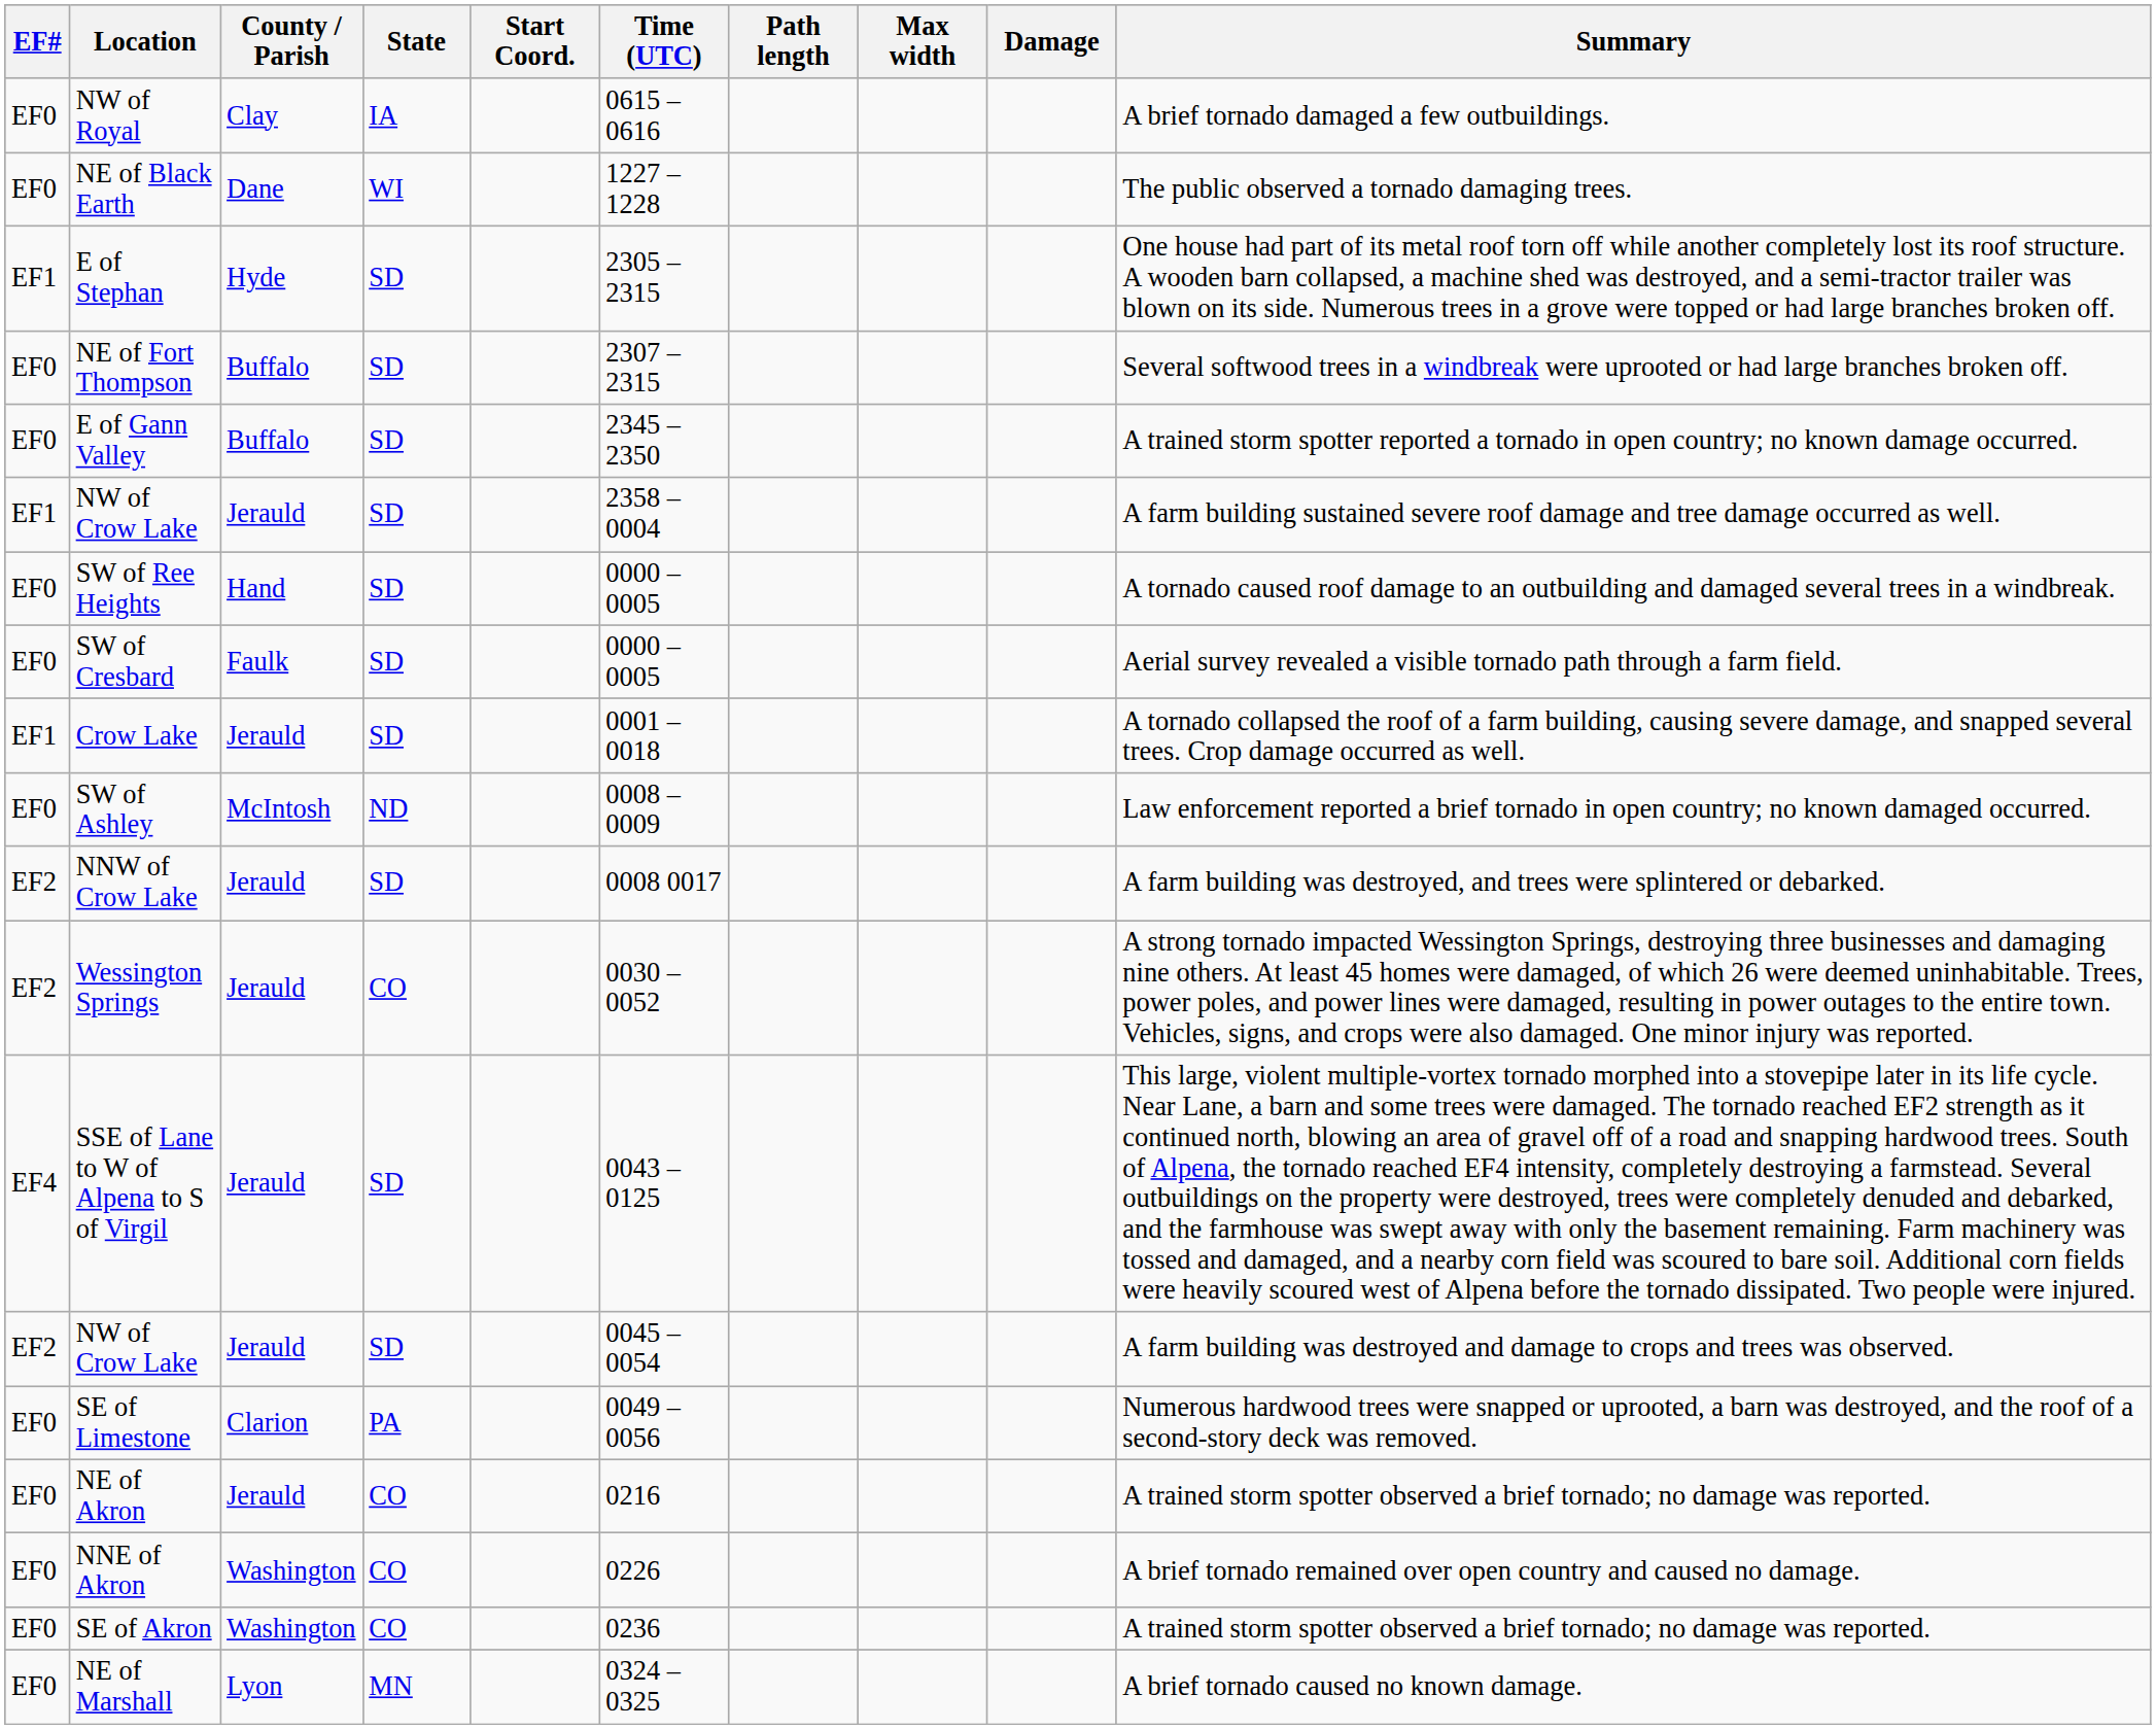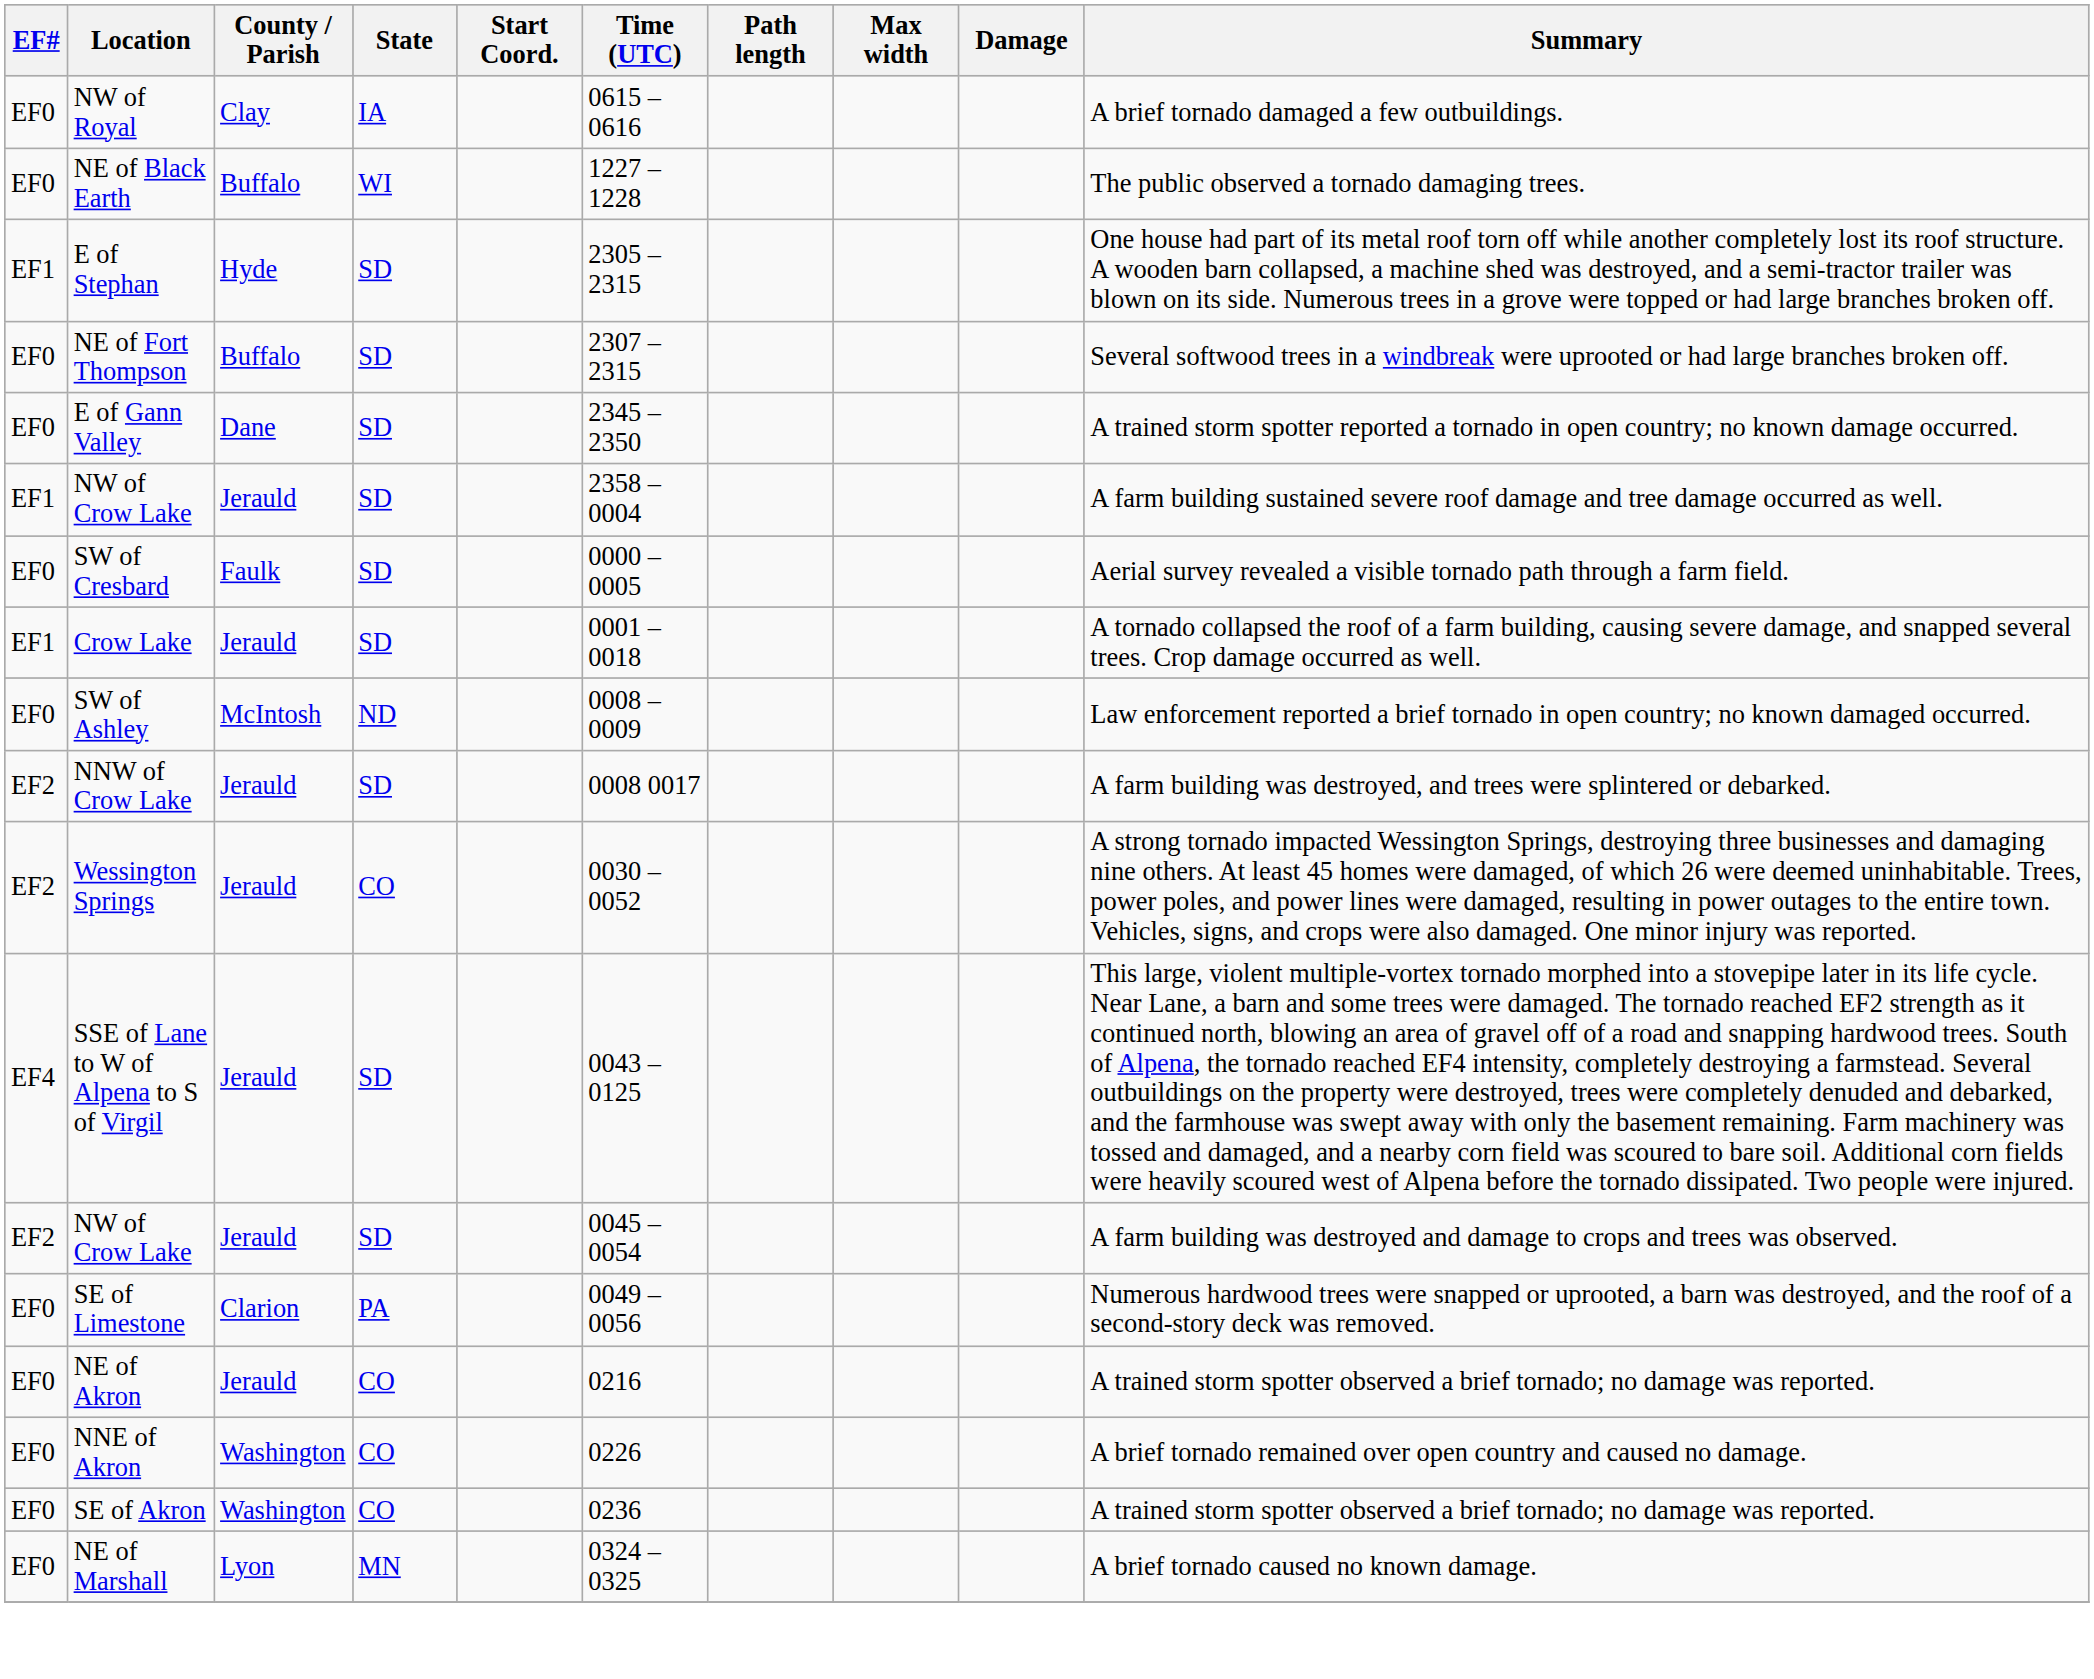 <table class="wikitable sortable" style="width:100%;">
 <tr>
 <th scope="col" width="3%" align="center"><a href='#'>EF#</a></th>
 <th scope="col" width="7%" align="center" class="unsortable">Location</th>
 <th scope="col" width="6%" align="center" class="unsortable">County / Parish</th>
 <th scope="col" width="5%" align="center">State</th>
 <th scope="col" width="6%" align="center">Start Coord.</th>
 <th scope="col" width="6%" align="center">Time (<a href='#'>UTC</a>)</th>
 <th scope="col" width="6%" align="center">Path length</th>
 <th scope="col" width="6%" align="center">Max width</th>
 <th scope="col" width="6%" align="center">Damage</th>
 <th scope="col" width="48%" class="unsortable" align="center">Summary</th>
 </tr>
 <tr>
 <td>EF0</td>
 <td>NW of <a href='#'>Royal</a></td>
 <td><a href='#'>Clay</a></td>
 <td><a href='#'>IA</a></td>
 <td></td>
 <td>0615 – 0616</td>
 <td></td>
 <td></td>
 <td></td>
 <td>A brief tornado damaged a few outbuildings.</td>
 </tr>
 <tr>
 <td>EF0</td>
 <td>NE of <a href='#'>Black Earth</a></td>
-<td><a href='#'>Dane</a></td>
+<td><a href='#'>Buffalo</a></td>
 <td><a href='#'>WI</a></td>
 <td></td>
 <td>1227 – 1228</td>
 <td></td>
 <td></td>
 <td></td>
 <td>The public observed a tornado damaging trees.</td>
 </tr>
 <tr>
 <td>EF1</td>
 <td>E of <a href='#'>Stephan</a></td>
 <td><a href='#'>Hyde</a></td>
 <td><a href='#'>SD</a></td>
 <td></td>
 <td>2305 – 2315</td>
 <td></td>
 <td></td>
 <td></td>
 <td>One house had part of its metal roof torn off while another completely lost its roof structure. A wooden barn collapsed, a machine shed was destroyed, and a semi-tractor trailer was blown on its side. Numerous trees in a grove were topped or had large branches broken off.</td>
 </tr>
 <tr>
 <td>EF0</td>
 <td>NE of <a href='#'>Fort Thompson</a></td>
 <td><a href='#'>Buffalo</a></td>
 <td><a href='#'>SD</a></td>
 <td></td>
 <td>2307 – 2315</td>
 <td></td>
 <td></td>
 <td></td>
 <td>Several softwood trees in a <a href='#'>windbreak</a> were uprooted or had large branches broken off.</td>
 </tr>
 <tr>
 <td>EF0</td>
 <td>E of <a href='#'>Gann Valley</a></td>
-<td><a href='#'>Buffalo</a></td>
+<td><a href='#'>Dane</a></td>
 <td><a href='#'>SD</a></td>
 <td></td>
 <td>2345 – 2350</td>
 <td></td>
 <td></td>
 <td></td>
 <td>A trained storm spotter reported a tornado in open country; no known damage occurred.</td>
 </tr>
 <tr>
 <td>EF1</td>
 <td>NW of <a href='#'>Crow Lake</a></td>
 <td><a href='#'>Jerauld</a></td>
 <td><a href='#'>SD</a></td>
 <td></td>
 <td>2358 – 0004</td>
 <td></td>
 <td></td>
 <td></td>
 <td>A farm building sustained severe roof damage and tree damage occurred as well.</td>
-</tr>
-<tr>
-<td>EF0</td>
-<td>SW of <a href='#'>Ree Heights</a></td>
-<td><a href='#'>Hand</a></td>
-<td><a href='#'>SD</a></td>
-<td></td>
-<td>0000 – 0005</td>
-<td></td>
-<td></td>
-<td></td>
-<td>A tornado caused roof damage to an outbuilding and damaged several trees in a windbreak.</td>
 </tr>
 <tr>
 <td>EF0</td>
 <td>SW of <a href='#'>Cresbard</a></td>
 <td><a href='#'>Faulk</a></td>
 <td><a href='#'>SD</a></td>
 <td></td>
 <td>0000 – 0005</td>
 <td></td>
 <td></td>
 <td></td>
 <td>Aerial survey revealed a visible tornado path through a farm field.</td>
 </tr>
 <tr>
 <td>EF1</td>
 <td><a href='#'>Crow Lake</a></td>
 <td><a href='#'>Jerauld</a></td>
 <td><a href='#'>SD</a></td>
 <td></td>
 <td>0001 – 0018</td>
 <td></td>
 <td></td>
 <td></td>
 <td>A tornado collapsed the roof of a farm building, causing severe damage, and snapped several trees. Crop damage occurred as well.</td>
 </tr>
 <tr>
 <td>EF0</td>
 <td>SW of <a href='#'>Ashley</a></td>
 <td><a href='#'>McIntosh</a></td>
 <td><a href='#'>ND</a></td>
 <td></td>
 <td>0008 – 0009</td>
 <td></td>
 <td></td>
 <td></td>
 <td>Law enforcement reported a brief tornado in open country; no known damaged occurred.</td>
 </tr>
 <tr>
 <td>EF2</td>
 <td>NNW of <a href='#'>Crow Lake</a></td>
 <td><a href='#'>Jerauld</a></td>
 <td><a href='#'>SD</a></td>
 <td></td>
 <td>0008 0017</td>
 <td></td>
 <td></td>
 <td></td>
 <td>A farm building was destroyed, and trees were splintered or debarked.</td>
 </tr>
 <tr>
 <td>EF2</td>
 <td><a href='#'>Wessington Springs</a></td>
 <td><a href='#'>Jerauld</a></td>
 <td><a href='#'>CO</a></td>
 <td></td>
 <td>0030 – 0052</td>
 <td></td>
 <td></td>
 <td></td>
 <td>A strong tornado impacted Wessington Springs, destroying three businesses and damaging nine others. At least 45 homes were damaged, of which 26 were deemed uninhabitable. Trees, power poles, and power lines were damaged, resulting in power outages to the entire town. Vehicles, signs, and crops were also damaged. One minor injury was reported.</td>
 </tr>
 <tr>
 <td>EF4</td>
 <td>SSE of <a href='#'>Lane</a> to W of <a href='#'>Alpena</a> to S of <a href='#'>Virgil</a></td>
 <td><a href='#'>Jerauld</a></td>
 <td><a href='#'>SD</a></td>
 <td></td>
 <td>0043 – 0125</td>
 <td></td>
 <td></td>
 <td></td>
 <td>This large, violent multiple-vortex tornado morphed into a stovepipe later in its life cycle. Near Lane, a barn and some trees were damaged. The tornado reached EF2 strength as it continued north, blowing an area of gravel off of a road and snapping hardwood trees. South of <a href='#'>Alpena</a>, the tornado reached EF4 intensity, completely destroying a farmstead. Several outbuildings on the property were destroyed, trees were completely denuded and debarked, and the farmhouse was swept away with only the basement remaining. Farm machinery was tossed and damaged, and a nearby corn field was scoured to bare soil. Additional corn fields were heavily scoured west of Alpena before the tornado dissipated. Two people were injured.</td>
 </tr>
 <tr>
 <td>EF2</td>
 <td>NW of <a href='#'>Crow Lake</a></td>
 <td><a href='#'>Jerauld</a></td>
 <td><a href='#'>SD</a></td>
 <td></td>
 <td>0045 – 0054</td>
 <td></td>
 <td></td>
 <td></td>
 <td>A farm building was destroyed and damage to crops and trees was observed.</td>
 </tr>
 <tr>
 <td>EF0</td>
 <td>SE of <a href='#'>Limestone</a></td>
 <td><a href='#'>Clarion</a></td>
 <td><a href='#'>PA</a></td>
 <td></td>
 <td>0049 – 0056</td>
 <td></td>
 <td></td>
 <td></td>
 <td>Numerous hardwood trees were snapped or uprooted, a barn was destroyed, and the roof of a second-story deck was removed.</td>
 </tr>
 <tr>
 <td>EF0</td>
 <td>NE of <a href='#'>Akron</a></td>
 <td><a href='#'>Jerauld</a></td>
 <td><a href='#'>CO</a></td>
 <td></td>
 <td>0216</td>
 <td></td>
 <td></td>
 <td></td>
 <td>A trained storm spotter observed a brief tornado; no damage was reported.</td>
 </tr>
 <tr>
 <td>EF0</td>
 <td>NNE of <a href='#'>Akron</a></td>
 <td><a href='#'>Washington</a></td>
 <td><a href='#'>CO</a></td>
 <td></td>
 <td>0226</td>
 <td></td>
 <td></td>
 <td></td>
 <td>A brief tornado remained over open country and caused no damage.</td>
 </tr>
 <tr>
 <td>EF0</td>
 <td>SE of <a href='#'>Akron</a></td>
 <td><a href='#'>Washington</a></td>
 <td><a href='#'>CO</a></td>
 <td></td>
 <td>0236</td>
 <td></td>
 <td></td>
 <td></td>
 <td>A trained storm spotter observed a brief tornado; no damage was reported.</td>
 </tr>
 <tr>
 <td>EF0</td>
 <td>NE of <a href='#'>Marshall</a></td>
 <td><a href='#'>Lyon</a></td>
 <td><a href='#'>MN</a></td>
 <td></td>
 <td>0324 – 0325</td>
 <td></td>
 <td></td>
 <td></td>
 <td>A brief tornado caused no known damage.</td>
 </tr>
 <tr>
 </tr>
 </table>
